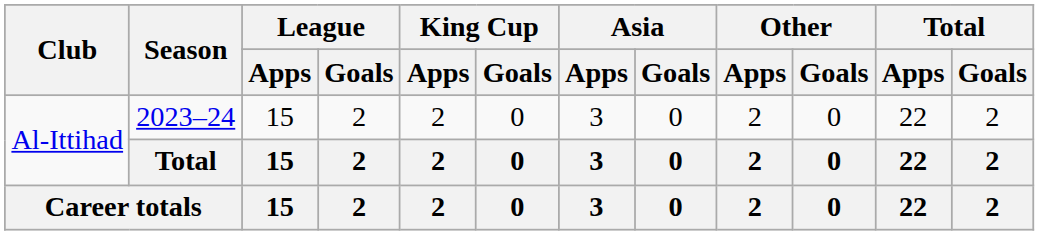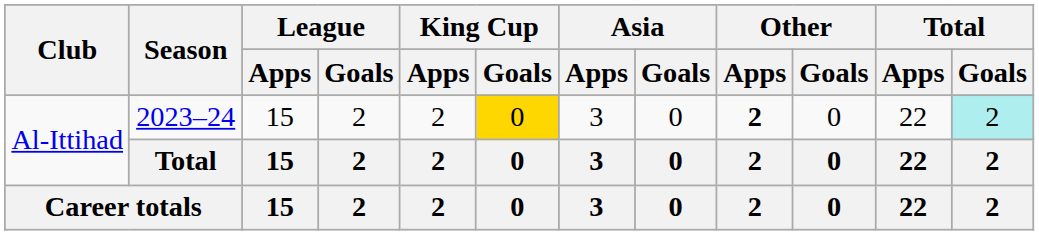 <table class="wikitable" style="text-align: center">
 <tr>
 <th rowspan=2>Club</th>
 <th rowspan=2>Season</th>
 <th colspan=2>League</th>
 <th colspan=2>King Cup</th>
 <th colspan=2>Asia</th>
 <th colspan=2>Other</th>
 <th colspan=2>Total</th>
 </tr>
 <tr>
 <th>Apps</th>
 <th>Goals</th>
 <th>Apps</th>
 <th>Goals</th>
 <th>Apps</th>
 <th>Goals</th>
 <th>Apps</th>
 <th>Goals</th>
 <th>Apps</th>
 <th>Goals</th>
 </tr>
 <tr>
 <td rowspan=2><a href='#'>Al-Ittihad</a></td>
 <td><a href='#'>2023–24</a></td>
 <td>15</td>
 <td>2</td>
 <td>2</td>
-<td>0</td>
+<td style="background: gold;">0</td>
 <td>3</td>
 <td>0</td>
-<td>2</td>
+<td><strong>2</strong></td>
 <td>0</td>
 <td>22</td>
-<td>2</td>
+<td style="background: paleturquoise;">2</td>
 </tr>
 <tr>
 <th>Total</th>
 <th>15</th>
 <th>2</th>
 <th>2</th>
 <th>0</th>
 <th>3</th>
 <th>0</th>
 <th>2</th>
 <th>0</th>
 <th>22</th>
 <th>2</th>
 </tr>
 <tr>
 <th colspan=2>Career totals</th>
 <th>15</th>
 <th>2</th>
 <th>2</th>
 <th>0</th>
 <th>3</th>
 <th>0</th>
 <th>2</th>
 <th>0</th>
 <th>22</th>
 <th>2</th>
 </tr>
 </table>
